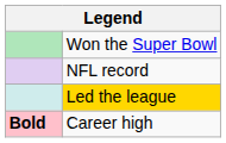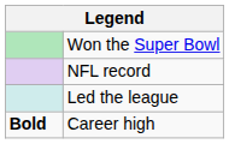 <table class="wikitable mw-collapsible mw-collapsed">
 <tr>
 <th colspan="2">Legend</th>
 </tr>
 <tr>
 <td style="background:#afe6ba; width:3em;"></td>
 <td>Won the <a href='#'>Super Bowl</a></td>
 </tr>
 <tr>
 <td style="background:#e0cef2; width:3em;"></td>
 <td>NFL record</td>
 </tr>
 <tr>
 <td style="background:#cfecec; width:3em;"></td>
-<td style="background: gold;">Led the league</td>
+<td>Led the league</td>
 </tr>
 <tr>
-<td style="background: pink;"><strong>Bold</strong></td>
+<td><strong>Bold</strong></td>
 <td>Career high</td>
 </tr>
 </table>
